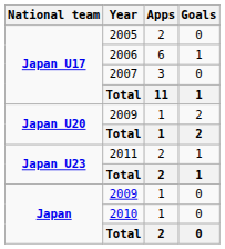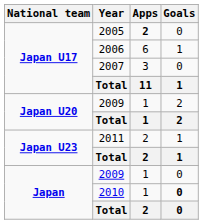 <table class="wikitable" style="font-size:90%; text-align: center">
 <tr>
 <th>National team</th>
 <th>Year</th>
 <th>Apps</th>
 <th>Goals</th>
 </tr>
 <tr>
 <td rowspan="4"><strong><a href='#'>Japan U17</a></strong></td>
 <td>2005</td>
-<td>2</td>
+<td><strong>2</strong></td>
 <td>0</td>
 </tr>
 <tr>
 <td>2006</td>
 <td>6</td>
 <td>1</td>
 </tr>
 <tr>
 <td>2007</td>
 <td>3</td>
 <td>0</td>
 </tr>
 <tr>
 <th colspan=1>Total</th>
 <th>11</th>
 <th>1</th>
 </tr>
 <tr>
 <td rowspan="2"><strong><a href='#'>Japan U20</a></strong></td>
 <td>2009</td>
 <td>1</td>
 <td>2</td>
 </tr>
 <tr>
 <th colspan=1>Total</th>
 <th>1</th>
 <th>2</th>
 </tr>
 <tr>
 <td rowspan="2"><strong><a href='#'>Japan U23</a></strong></td>
 <td>2011</td>
 <td>2</td>
 <td>1</td>
 </tr>
 <tr>
 <th colspan=1>Total</th>
 <th>2</th>
 <th>1</th>
 </tr>
 <tr>
 <td rowspan="3"><strong><a href='#'>Japan</a></strong></td>
 <td><a href='#'>2009</a></td>
 <td>1</td>
 <td>0</td>
 </tr>
 <tr>
 <td><a href='#'>2010</a></td>
 <td>1</td>
-<td>0</td>
+<td><strong>0</strong></td>
 </tr>
 <tr>
 <th colspan=1>Total</th>
 <th>2</th>
 <th>0</th>
 </tr>
 </table>
